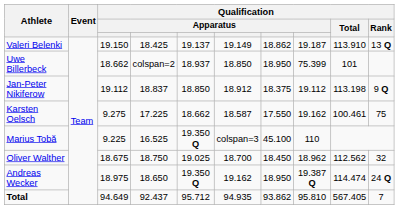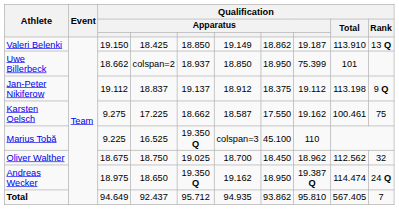 <table class="wikitable" style="font-size:90%">
 <tr>
 <th rowspan=3>Athlete</th>
 <th rowspan=3>Event</th>
 <th colspan =8>Qualification</th>
 </tr>
 <tr style="font-size:95%">
 <th colspan=6>Apparatus</th>
 <th rowspan=2>Total</th>
 <th rowspan=2>Rank</th>
 </tr>
 <tr style="font-size:95%">
 <th></th>
 <th></th>
 <th></th>
 <th></th>
 <th></th>
 <th></th>
 </tr>
 <tr align=center>
 <td align=left><a href='#'>Valeri Belenki</a></td>
 <td align=left rowspan=8><a href='#'>Team</a></td>
 <td>19.150</td>
 <td>18.425</td>
-<td>19.137</td>
+<td>18.850</td>
 <td>19.149</td>
 <td>18.862</td>
 <td>19.187</td>
 <td>113.910</td>
 <td>13 <strong>Q</strong></td>
 </tr>
 <tr align=center>
 <td align=left><a href='#'>Uwe Billerbeck</a></td>
 <td>18.662</td>
 <td>colspan=2</td>
 <td>18.937</td>
 <td>18.850</td>
 <td>18.950</td>
 <td>75.399</td>
 <td>101</td>
 </tr>
 <tr align=center>
 <td align=left><a href='#'>Jan-Peter Nikiferow</a></td>
 <td>19.112</td>
 <td>18.837</td>
-<td>18.850</td>
+<td>19.137</td>
 <td>18.912</td>
 <td>18.375</td>
 <td>19.112</td>
 <td>113.198</td>
 <td>9 <strong>Q</strong></td>
 </tr>
 <tr align=center>
 <td align=left><a href='#'>Karsten Oelsch</a></td>
 <td>9.275</td>
 <td>17.225</td>
 <td>18.662</td>
 <td>18.587</td>
 <td>17.550</td>
 <td>19.162</td>
 <td>100.461</td>
 <td>75</td>
 </tr>
 <tr align=center>
 <td align=left><a href='#'>Marius Tobă</a></td>
 <td>9.225</td>
 <td>16.525</td>
 <td>19.350 <strong>Q</strong></td>
 <td>colspan=3</td>
 <td>45.100</td>
 <td>110</td>
 </tr>
 <tr align=center>
 <td align=left><a href='#'>Oliver Walther</a></td>
 <td>18.675</td>
 <td>18.750</td>
 <td>19.025</td>
 <td>18.700</td>
 <td>18.450</td>
 <td>18.962</td>
 <td>112.562</td>
 <td>32</td>
 </tr>
 <tr align=center>
 <td align=left><a href='#'>Andreas Wecker</a></td>
 <td>18.975</td>
 <td>18.650</td>
 <td>19.350 <strong>Q</strong></td>
 <td>19.162</td>
 <td>18.950</td>
 <td>19.387 <strong>Q</strong></td>
 <td>114.474</td>
 <td>24 <strong>Q</strong></td>
 </tr>
 <tr align=center>
 <td align=left><strong>Total</strong></td>
 <td>94.649</td>
 <td>92.437</td>
 <td>95.712</td>
 <td>94.935</td>
 <td>93.862</td>
 <td>95.810</td>
 <td>567.405</td>
 <td>7</td>
 </tr>
 </table>
